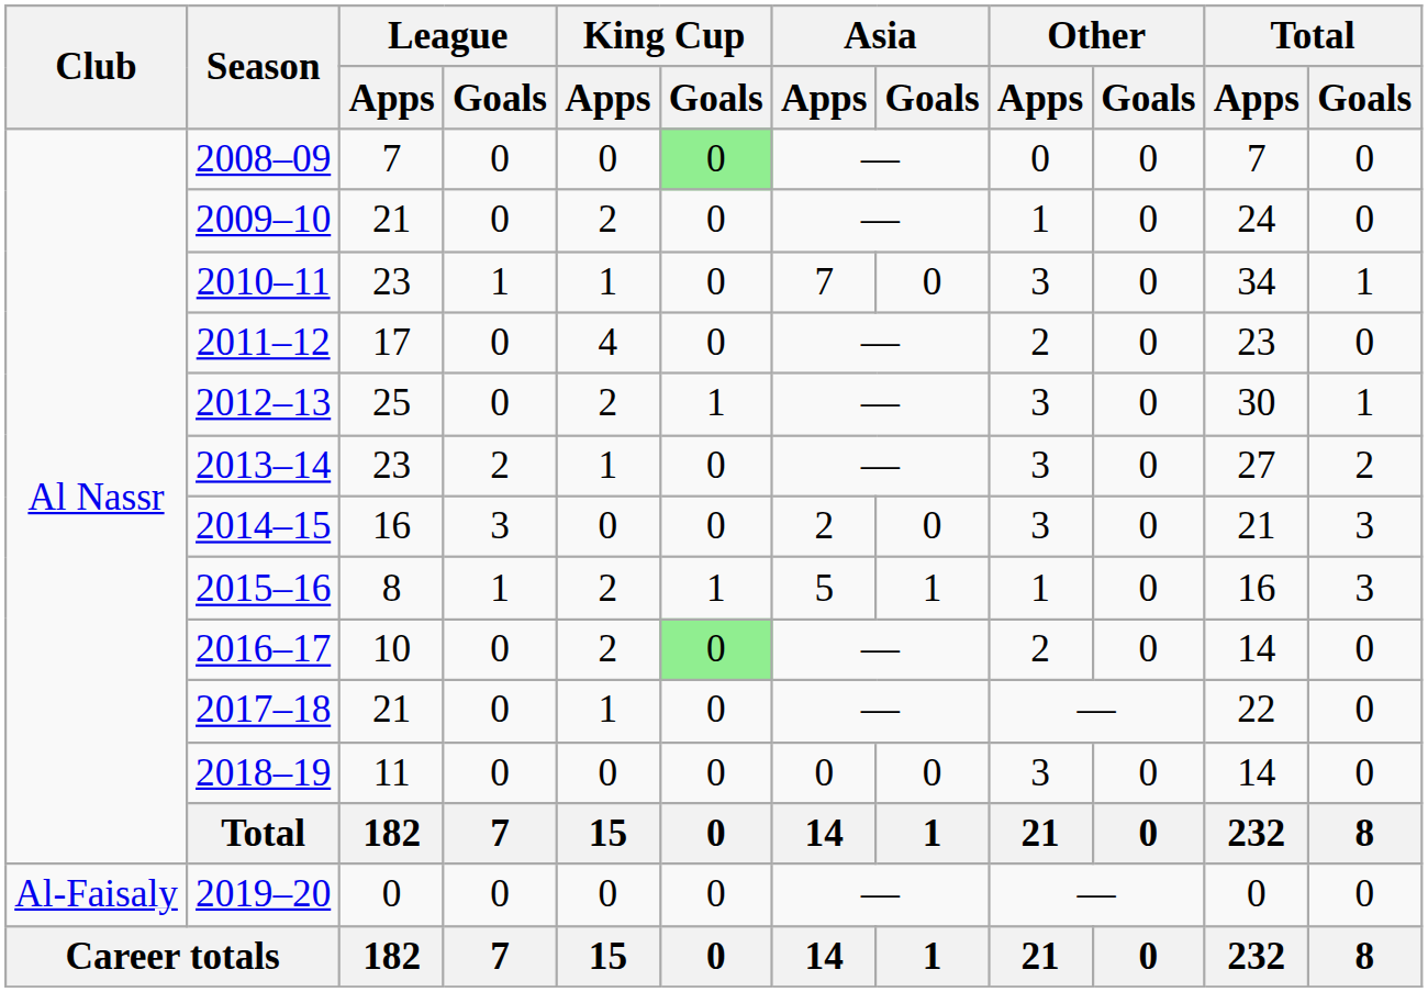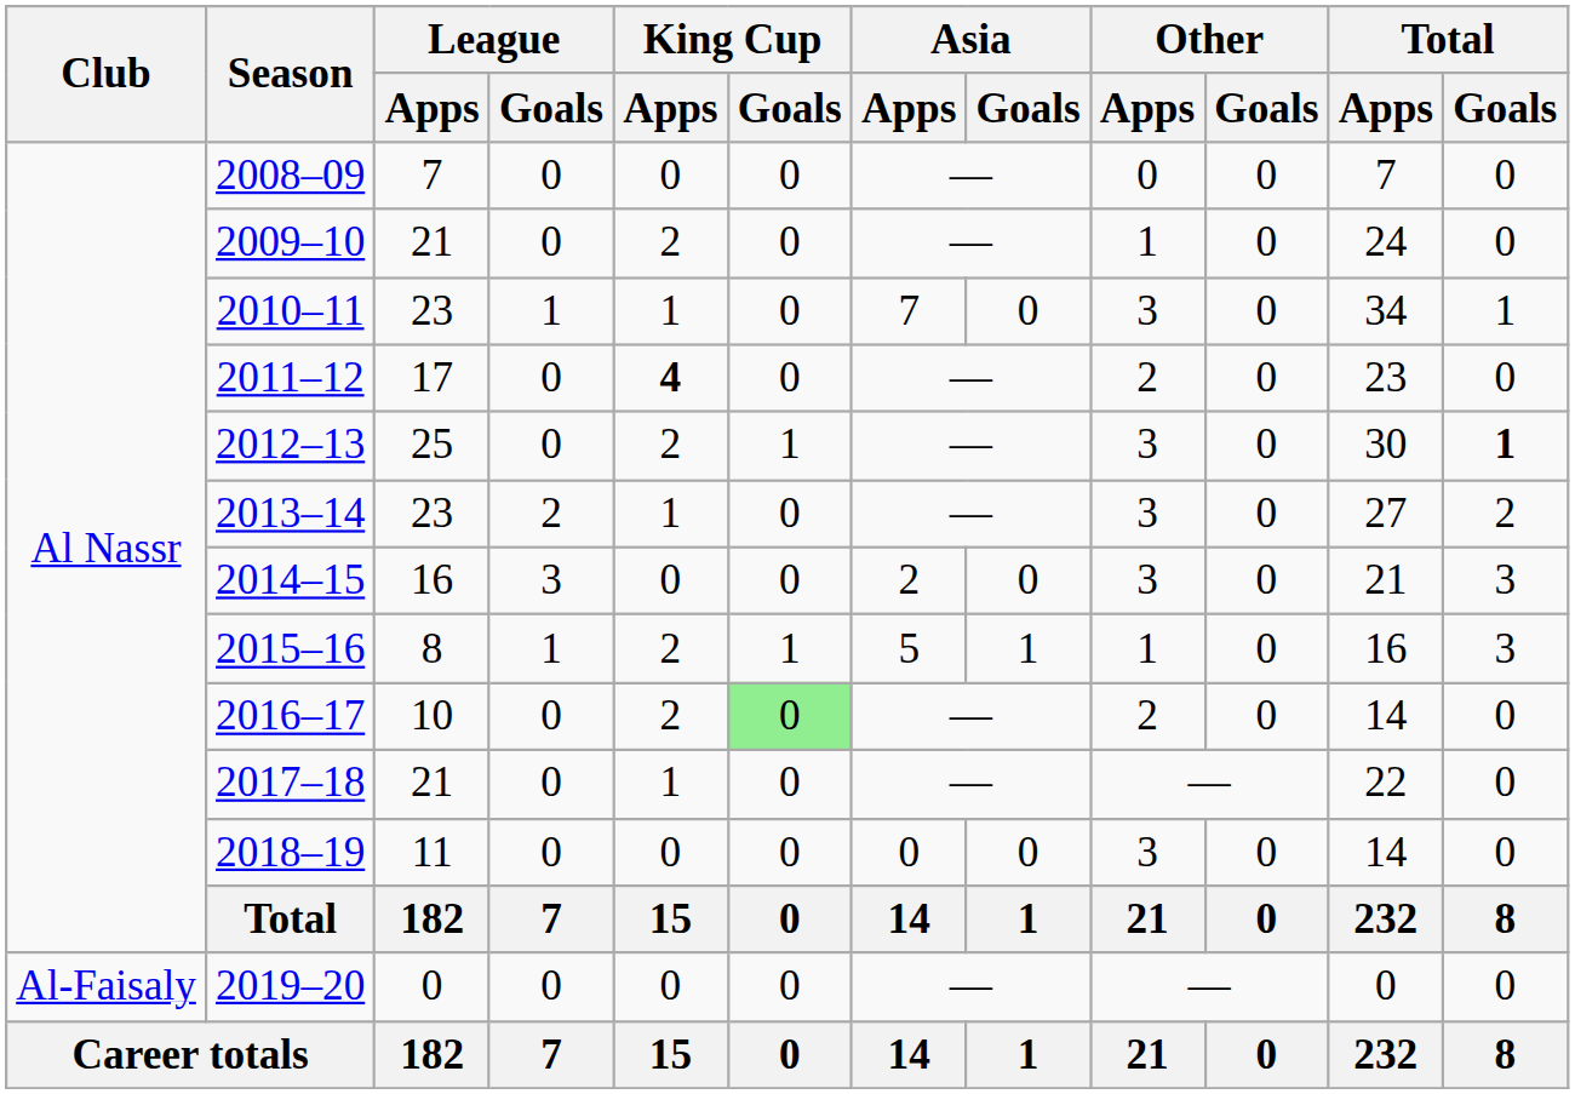 <table class="wikitable" style="text-align: center">
 <tr>
 <th rowspan=2>Club</th>
 <th rowspan=2>Season</th>
 <th colspan=2>League</th>
 <th colspan=2>King Cup</th>
 <th colspan=2>Asia</th>
 <th colspan=2>Other</th>
 <th colspan=2>Total</th>
 </tr>
 <tr>
 <th>Apps</th>
 <th>Goals</th>
 <th>Apps</th>
 <th>Goals</th>
 <th>Apps</th>
 <th>Goals</th>
 <th>Apps</th>
 <th>Goals</th>
 <th>Apps</th>
 <th>Goals</th>
 </tr>
 <tr>
 <td rowspan=12><a href='#'>Al Nassr</a></td>
 <td><a href='#'>2008–09</a></td>
 <td>7</td>
 <td>0</td>
 <td>0</td>
-<td style="background: lightgreen;">0</td>
+<td>0</td>
 <td colspan=2>—</td>
 <td>0</td>
 <td>0</td>
 <td>7</td>
 <td>0</td>
 </tr>
 <tr>
 <td><a href='#'>2009–10</a></td>
 <td>21</td>
 <td>0</td>
 <td>2</td>
 <td>0</td>
 <td colspan=2>—</td>
 <td>1</td>
 <td>0</td>
 <td>24</td>
 <td>0</td>
 </tr>
 <tr>
 <td><a href='#'>2010–11</a></td>
 <td>23</td>
 <td>1</td>
 <td>1</td>
 <td>0</td>
 <td>7</td>
 <td>0</td>
 <td>3</td>
 <td>0</td>
 <td>34</td>
 <td>1</td>
 </tr>
 <tr>
 <td><a href='#'>2011–12</a></td>
 <td>17</td>
 <td>0</td>
-<td>4</td>
+<td><strong>4</strong></td>
 <td>0</td>
 <td colspan=2>—</td>
 <td>2</td>
 <td>0</td>
 <td>23</td>
 <td>0</td>
 </tr>
 <tr>
 <td><a href='#'>2012–13</a></td>
 <td>25</td>
 <td>0</td>
 <td>2</td>
 <td>1</td>
 <td colspan=2>—</td>
 <td>3</td>
 <td>0</td>
 <td>30</td>
-<td>1</td>
+<td><strong>1</strong></td>
 </tr>
 <tr>
 <td><a href='#'>2013–14</a></td>
 <td>23</td>
 <td>2</td>
 <td>1</td>
 <td>0</td>
 <td colspan=2>—</td>
 <td>3</td>
 <td>0</td>
 <td>27</td>
 <td>2</td>
 </tr>
 <tr>
 <td><a href='#'>2014–15</a></td>
 <td>16</td>
 <td>3</td>
 <td>0</td>
 <td>0</td>
 <td>2</td>
 <td>0</td>
 <td>3</td>
 <td>0</td>
 <td>21</td>
 <td>3</td>
 </tr>
 <tr>
 <td><a href='#'>2015–16</a></td>
 <td>8</td>
 <td>1</td>
 <td>2</td>
 <td>1</td>
 <td>5</td>
 <td>1</td>
 <td>1</td>
 <td>0</td>
 <td>16</td>
 <td>3</td>
 </tr>
 <tr>
 <td><a href='#'>2016–17</a></td>
 <td>10</td>
 <td>0</td>
 <td>2</td>
 <td style="background: lightgreen;">0</td>
 <td colspan=2>—</td>
 <td>2</td>
 <td>0</td>
 <td>14</td>
 <td>0</td>
 </tr>
 <tr>
 <td><a href='#'>2017–18</a></td>
 <td>21</td>
 <td>0</td>
 <td>1</td>
 <td>0</td>
 <td colspan=2>—</td>
 <td colspan=2>—</td>
 <td>22</td>
 <td>0</td>
 </tr>
 <tr>
 <td><a href='#'>2018–19</a></td>
 <td>11</td>
 <td>0</td>
 <td>0</td>
 <td>0</td>
 <td>0</td>
 <td>0</td>
 <td>3</td>
 <td>0</td>
 <td>14</td>
 <td>0</td>
 </tr>
 <tr>
 <th>Total</th>
 <th>182</th>
 <th>7</th>
 <th>15</th>
 <th>0</th>
 <th>14</th>
 <th>1</th>
 <th>21</th>
 <th>0</th>
 <th>232</th>
 <th>8</th>
 </tr>
 <tr>
 <td rowspan=1><a href='#'>Al-Faisaly</a></td>
 <td><a href='#'>2019–20</a></td>
 <td>0</td>
 <td>0</td>
 <td>0</td>
 <td>0</td>
 <td colspan=2>—</td>
 <td colspan=2>—</td>
 <td>0</td>
 <td>0</td>
 </tr>
 <tr>
 <th colspan=2>Career totals</th>
 <th>182</th>
 <th>7</th>
 <th>15</th>
 <th>0</th>
 <th>14</th>
 <th>1</th>
 <th>21</th>
 <th>0</th>
 <th>232</th>
 <th>8</th>
 </tr>
 </table>
